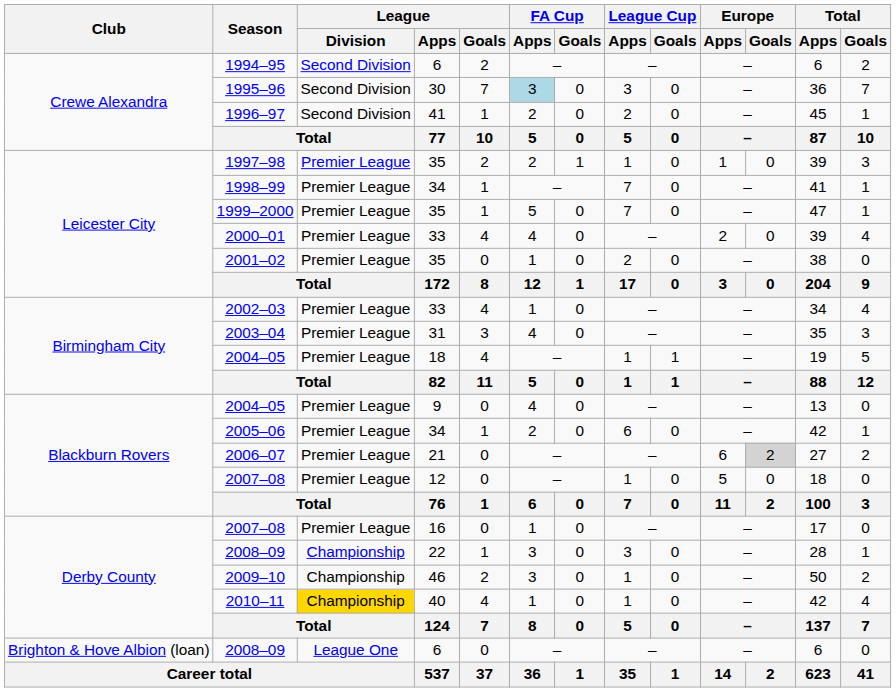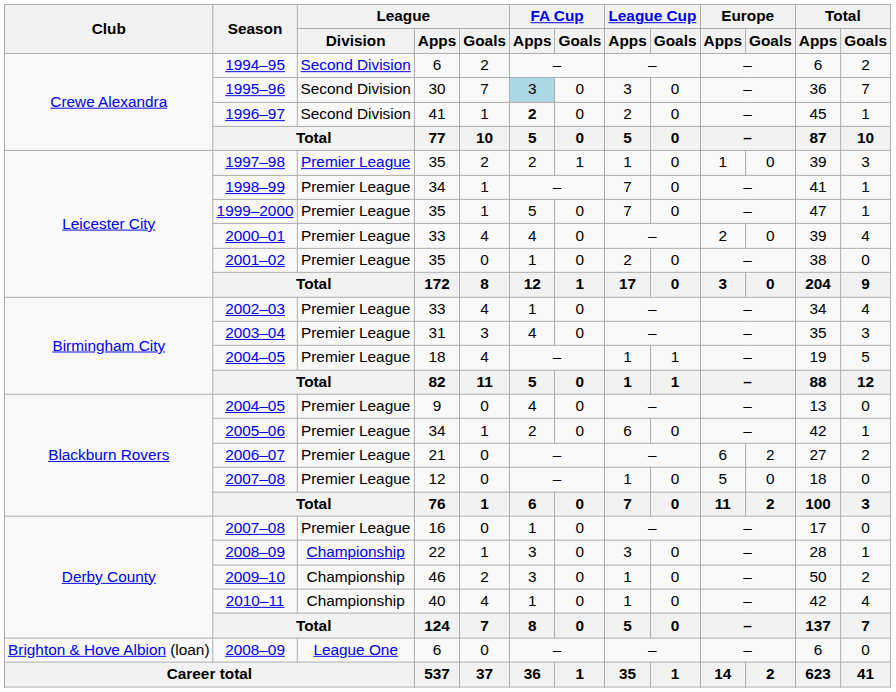 <table class="wikitable" style="text-align:center">
 <tr>
 <th rowspan="2">Club</th>
 <th rowspan="2">Season</th>
 <th colspan="3">League</th>
 <th colspan="2"><a href='#'>FA Cup</a></th>
 <th colspan="2"><a href='#'>League Cup</a></th>
 <th colspan="2">Europe</th>
 <th colspan="2">Total</th>
 </tr>
 <tr>
 <th>Division</th>
 <th>Apps</th>
 <th>Goals</th>
 <th>Apps</th>
 <th>Goals</th>
 <th>Apps</th>
 <th>Goals</th>
 <th>Apps</th>
 <th>Goals</th>
 <th>Apps</th>
 <th>Goals</th>
 </tr>
 <tr>
 <td rowspan="4"><a href='#'>Crewe Alexandra</a></td>
 <td><a href='#'>1994–95</a></td>
 <td><a href='#'>Second Division</a></td>
 <td>6</td>
 <td>2</td>
 <td colspan="2">–</td>
 <td colspan="2">–</td>
 <td colspan="2">–</td>
 <td>6</td>
 <td>2</td>
 </tr>
 <tr>
 <td><a href='#'>1995–96</a></td>
 <td>Second Division</td>
 <td>30</td>
 <td>7</td>
 <td style="background: lightblue;">3</td>
 <td>0</td>
 <td>3</td>
 <td>0</td>
 <td colspan="2">–</td>
 <td>36</td>
 <td>7</td>
 </tr>
 <tr>
 <td><a href='#'>1996–97</a></td>
 <td>Second Division</td>
 <td>41</td>
 <td>1</td>
-<td>2</td>
+<td><strong>2</strong></td>
 <td>0</td>
 <td>2</td>
 <td>0</td>
 <td colspan="2">–</td>
 <td>45</td>
 <td>1</td>
 </tr>
 <tr>
 <th colspan="2">Total</th>
 <th>77</th>
 <th>10</th>
 <th>5</th>
 <th>0</th>
 <th>5</th>
 <th>0</th>
 <th colspan="2">–</th>
 <th>87</th>
 <th>10</th>
 </tr>
 <tr>
 <td rowspan="6"><a href='#'>Leicester City</a></td>
 <td><a href='#'>1997–98</a></td>
 <td><a href='#'>Premier League</a></td>
 <td>35</td>
 <td>2</td>
 <td>2</td>
 <td>1</td>
 <td>1</td>
 <td>0</td>
 <td>1</td>
 <td>0</td>
 <td>39</td>
 <td>3</td>
 </tr>
 <tr>
 <td><a href='#'>1998–99</a></td>
 <td>Premier League</td>
 <td>34</td>
 <td>1</td>
 <td colspan="2">–</td>
 <td>7</td>
 <td>0</td>
 <td colspan="2">–</td>
 <td>41</td>
 <td>1</td>
 </tr>
 <tr>
 <td><a href='#'>1999–2000</a></td>
 <td>Premier League</td>
 <td>35</td>
 <td>1</td>
 <td>5</td>
 <td>0</td>
 <td>7</td>
 <td>0</td>
 <td colspan="2">–</td>
 <td>47</td>
 <td>1</td>
 </tr>
 <tr>
 <td><a href='#'>2000–01</a></td>
 <td>Premier League</td>
 <td>33</td>
 <td>4</td>
 <td>4</td>
 <td>0</td>
 <td colspan="2">–</td>
 <td>2</td>
 <td>0</td>
 <td>39</td>
 <td>4</td>
 </tr>
 <tr>
 <td><a href='#'>2001–02</a></td>
 <td>Premier League</td>
 <td>35</td>
 <td>0</td>
 <td>1</td>
 <td>0</td>
 <td>2</td>
 <td>0</td>
 <td colspan="2">–</td>
 <td>38</td>
 <td>0</td>
 </tr>
 <tr>
 <th colspan="2">Total</th>
 <th>172</th>
 <th>8</th>
 <th>12</th>
 <th>1</th>
 <th>17</th>
 <th>0</th>
 <th>3</th>
 <th>0</th>
 <th>204</th>
 <th>9</th>
 </tr>
 <tr>
 <td rowspan="4"><a href='#'>Birmingham City</a></td>
 <td><a href='#'>2002–03</a></td>
 <td>Premier League</td>
 <td>33</td>
 <td>4</td>
 <td>1</td>
 <td>0</td>
 <td colspan="2">–</td>
 <td colspan="2">–</td>
 <td>34</td>
 <td>4</td>
 </tr>
 <tr>
 <td><a href='#'>2003–04</a></td>
 <td>Premier League</td>
 <td>31</td>
 <td>3</td>
 <td>4</td>
 <td>0</td>
 <td colspan="2">–</td>
 <td colspan="2">–</td>
 <td>35</td>
 <td>3</td>
 </tr>
 <tr>
 <td><a href='#'>2004–05</a></td>
 <td>Premier League</td>
 <td>18</td>
 <td>4</td>
 <td colspan="2">–</td>
 <td>1</td>
 <td>1</td>
 <td colspan="2">–</td>
 <td>19</td>
 <td>5</td>
 </tr>
 <tr>
 <th colspan="2">Total</th>
 <th>82</th>
 <th>11</th>
 <th>5</th>
 <th>0</th>
 <th>1</th>
 <th>1</th>
 <th colspan="2">–</th>
 <th>88</th>
 <th>12</th>
 </tr>
 <tr>
 <td rowspan="5"><a href='#'>Blackburn Rovers</a></td>
 <td><a href='#'>2004–05</a></td>
 <td>Premier League</td>
 <td>9</td>
 <td>0</td>
 <td>4</td>
 <td>0</td>
 <td colspan="2">–</td>
 <td colspan="2">–</td>
 <td>13</td>
 <td>0</td>
 </tr>
 <tr>
 <td><a href='#'>2005–06</a></td>
 <td>Premier League</td>
 <td>34</td>
 <td>1</td>
 <td>2</td>
 <td>0</td>
 <td>6</td>
 <td>0</td>
 <td colspan="2">–</td>
 <td>42</td>
 <td>1</td>
 </tr>
 <tr>
 <td><a href='#'>2006–07</a></td>
 <td>Premier League</td>
 <td>21</td>
 <td>0</td>
 <td colspan="2">–</td>
 <td colspan="2">–</td>
 <td>6</td>
-<td style="background: lightgrey;">2</td>
+<td>2</td>
 <td>27</td>
 <td>2</td>
 </tr>
 <tr>
 <td><a href='#'>2007–08</a></td>
 <td>Premier League</td>
 <td>12</td>
 <td>0</td>
 <td colspan="2">–</td>
 <td>1</td>
 <td>0</td>
 <td>5</td>
 <td>0</td>
 <td>18</td>
 <td>0</td>
 </tr>
 <tr>
 <th colspan="2">Total</th>
 <th>76</th>
 <th>1</th>
 <th>6</th>
 <th>0</th>
 <th>7</th>
 <th>0</th>
 <th>11</th>
 <th>2</th>
 <th>100</th>
 <th>3</th>
 </tr>
 <tr>
 <td rowspan="5"><a href='#'>Derby County</a></td>
 <td><a href='#'>2007–08</a></td>
 <td>Premier League</td>
 <td>16</td>
 <td>0</td>
 <td>1</td>
 <td>0</td>
 <td colspan="2">–</td>
 <td colspan="2">–</td>
 <td>17</td>
 <td>0</td>
 </tr>
 <tr>
 <td><a href='#'>2008–09</a></td>
 <td><a href='#'>Championship</a></td>
 <td>22</td>
 <td>1</td>
 <td>3</td>
 <td>0</td>
 <td>3</td>
 <td>0</td>
 <td colspan="2">–</td>
 <td>28</td>
 <td>1</td>
 </tr>
 <tr>
 <td><a href='#'>2009–10</a></td>
 <td>Championship</td>
 <td>46</td>
 <td>2</td>
 <td>3</td>
 <td>0</td>
 <td>1</td>
 <td>0</td>
 <td colspan="2">–</td>
 <td>50</td>
 <td>2</td>
 </tr>
 <tr>
 <td><a href='#'>2010–11</a></td>
-<td style="background: gold;">Championship</td>
+<td>Championship</td>
 <td>40</td>
 <td>4</td>
 <td>1</td>
 <td>0</td>
 <td>1</td>
 <td>0</td>
 <td colspan="2">–</td>
 <td>42</td>
 <td>4</td>
 </tr>
 <tr>
 <th colspan="2">Total</th>
 <th>124</th>
 <th>7</th>
 <th>8</th>
 <th>0</th>
 <th>5</th>
 <th>0</th>
 <th colspan="2">–</th>
 <th>137</th>
 <th>7</th>
 </tr>
 <tr>
 <td><a href='#'>Brighton & Hove Albion</a> (loan)</td>
 <td><a href='#'>2008–09</a></td>
 <td><a href='#'>League One</a></td>
 <td>6</td>
 <td>0</td>
 <td colspan="2">–</td>
 <td colspan="2">–</td>
 <td colspan="2">–</td>
 <td>6</td>
 <td>0</td>
 </tr>
 <tr>
 <th colspan=3>Career total</th>
 <th>537</th>
 <th>37</th>
 <th>36</th>
 <th>1</th>
 <th>35</th>
 <th>1</th>
 <th>14</th>
 <th>2</th>
 <th>623</th>
 <th>41</th>
 </tr>
 </table>
